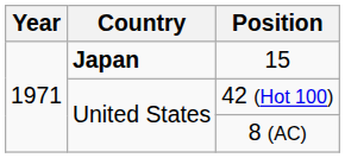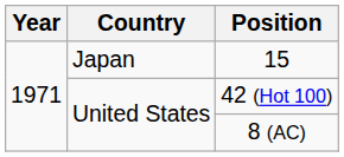 <table class="wikitable">
 <tr>
 <th>Year</th>
 <th>Country</th>
 <th>Position</th>
 </tr>
 <tr>
 <td rowspan="3">1971</td>
-<td><strong>Japan</strong></td>
+<td>Japan</td>
 <td style="text-align:center;">15</td>
 </tr>
 <tr>
 <td rowspan="2">United States</td>
 <td style="text-align:center;">42 <small>(<a href='#'>Hot 100</a>)</small></td>
 </tr>
 <tr>
 <td style="text-align:center;">8 <small>(AC)</small></td>
 </tr>
 </table>
